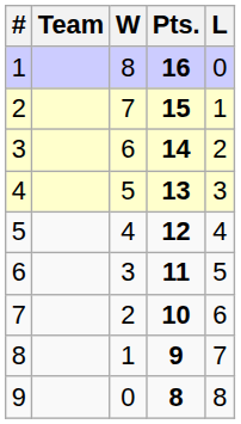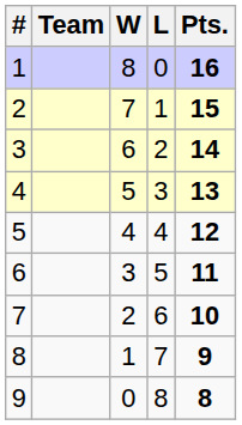 <table class=wikitable style="text-align:center;">
 <tr>
 <th>#</th>
 <th>Team</th>
 <th>W</th>
+<th>L</th>
 <th>Pts.</th>
-<th>L</th>
 </tr>
 <tr bgcolor=#CCCCFF>
 <td>1</td>
 <td align=left></td>
 <td>8</td>
+<td>0</td>
 <td><strong>16</strong></td>
-<td>0</td>
 </tr>
 <tr bgcolor=#FFFFCC>
 <td>2</td>
 <td align=left><strong></strong></td>
 <td>7</td>
+<td>1</td>
 <td><strong>15</strong></td>
-<td>1</td>
 </tr>
 <tr bgcolor=#FFFFCC>
 <td>3</td>
 <td align=left></td>
 <td>6</td>
+<td>2</td>
 <td><strong>14</strong></td>
-<td>2</td>
 </tr>
 <tr bgcolor=#FFFFCC>
 <td>4</td>
 <td align=left></td>
 <td>5</td>
+<td>3</td>
 <td><strong>13</strong></td>
-<td>3</td>
 </tr>
 <tr>
 <td>5</td>
 <td align=left></td>
 <td>4</td>
+<td>4</td>
 <td><strong>12</strong></td>
-<td>4</td>
 </tr>
 <tr>
 <td>6</td>
 <td align=left></td>
 <td>3</td>
+<td>5</td>
 <td><strong>11</strong></td>
-<td>5</td>
 </tr>
 <tr>
 <td>7</td>
 <td align=left></td>
 <td>2</td>
+<td>6</td>
 <td><strong>10</strong></td>
-<td>6</td>
 </tr>
 <tr>
 <td>8</td>
 <td align=left></td>
 <td>1</td>
+<td>7</td>
 <td><strong>9</strong></td>
-<td>7</td>
 </tr>
 <tr>
 <td>9</td>
 <td align=left></td>
 <td>0</td>
+<td>8</td>
 <td><strong>8</strong></td>
-<td>8</td>
 </tr>
 </table>
